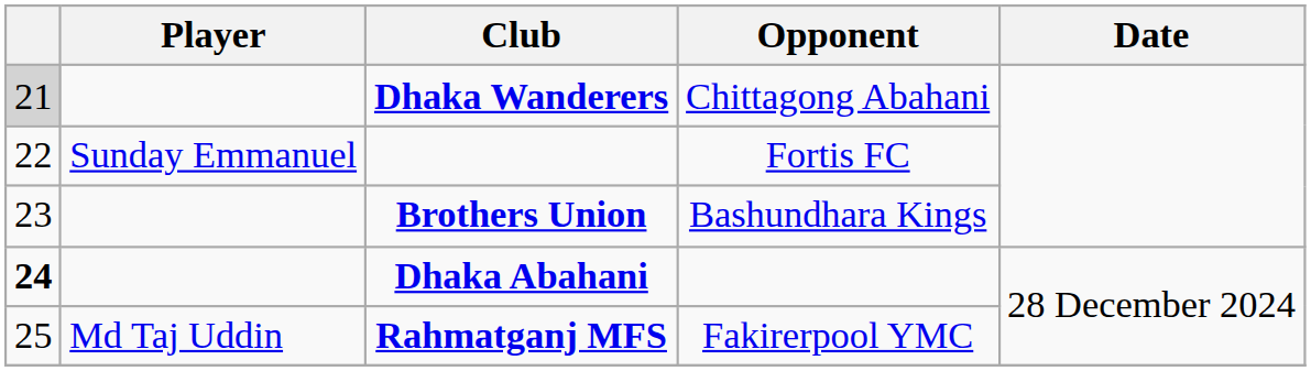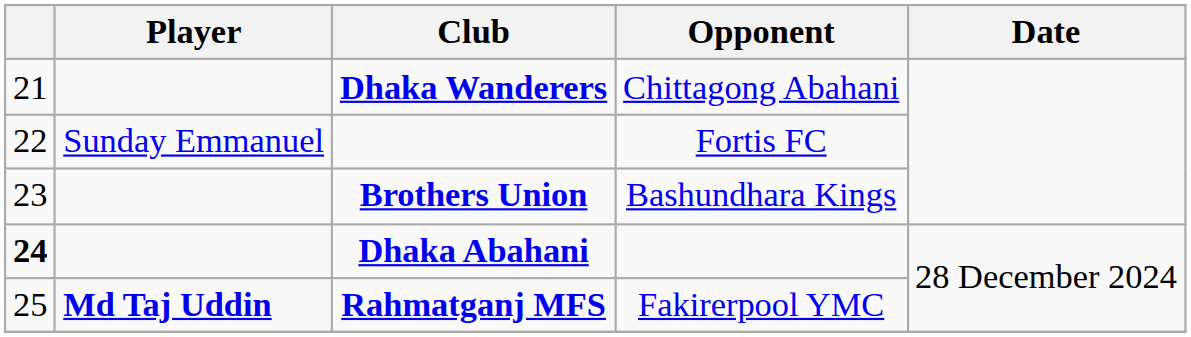 <table class="wikitable" style="text-align:center">
 <tr>
 <th></th>
 <th>Player</th>
 <th>Club</th>
 <th>Opponent</th>
 <th>Date</th>
 </tr>
 <tr>
-<td style="background: lightgrey;">21</td>
+<td>21</td>
 <td align="left"></td>
 <td><strong><a href='#'>Dhaka Wanderers</a></strong></td>
 <td><a href='#'>Chittagong Abahani</a></td>
 <td rowspan="3"></td>
 </tr>
 <tr>
 <td>22</td>
 <td align="left">  <a href='#'>Sunday Emmanuel</a></td>
 <td></td>
 <td><a href='#'>Fortis FC</a></td>
 </tr>
 <tr>
 <td>23</td>
 <td align="left"></td>
 <td><strong><a href='#'>Brothers Union</a></strong></td>
 <td><a href='#'>Bashundhara Kings</a></td>
 </tr>
 <tr>
 <td><strong>24</strong></td>
 <td align="left"></td>
 <td><strong><a href='#'>Dhaka Abahani</a></strong></td>
 <td></td>
 <td rowspan="2">28 December 2024</td>
 </tr>
 <tr>
 <td>25</td>
-<td align="left"> <a href='#'>Md Taj Uddin</a></td>
+<td align="left"><strong> <a href='#'>Md Taj Uddin</a></strong></td>
 <td><strong><a href='#'>Rahmatganj MFS</a></strong></td>
 <td><a href='#'>Fakirerpool YMC</a></td>
 </tr>
 <tr>
 </tr>
 </table>
